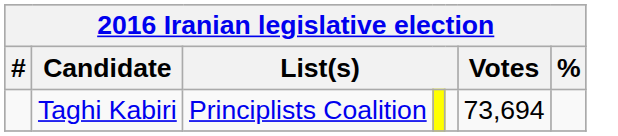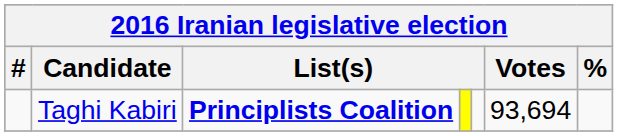 <table class=wikitable style=text-align:left>
 <tr>
 <th colspan="7" align=center><a href='#'>2016 Iranian legislative election</a></th>
 </tr>
 <tr>
 <th>#</th>
 <th>Candidate</th>
 <th colspan="3">List(s)</th>
 <th>Votes</th>
 <th>%</th>
 </tr>
 <tr>
 <td></td>
 <td><a href='#'>Taghi Kabiri</a></td>
-<td><a href='#'>Principlists Coalition</a></td>
+<td><strong><a href='#'>Principlists Coalition</a></strong></td>
 <td style="background:#FFFF00"></td>
 <td></td>
-<td>73,694</td>
+<td>93,694</td>
 <td></td>
 </tr>
 </table>
